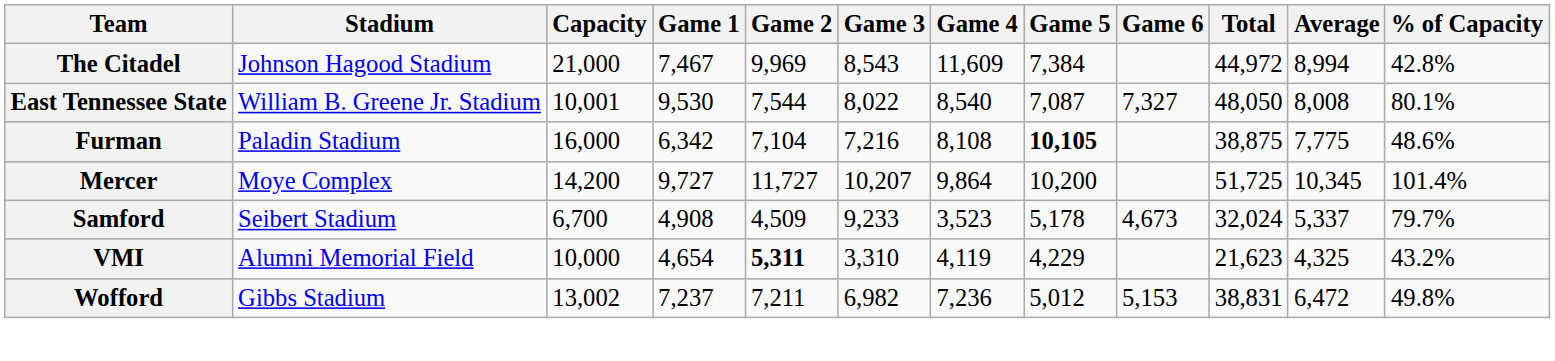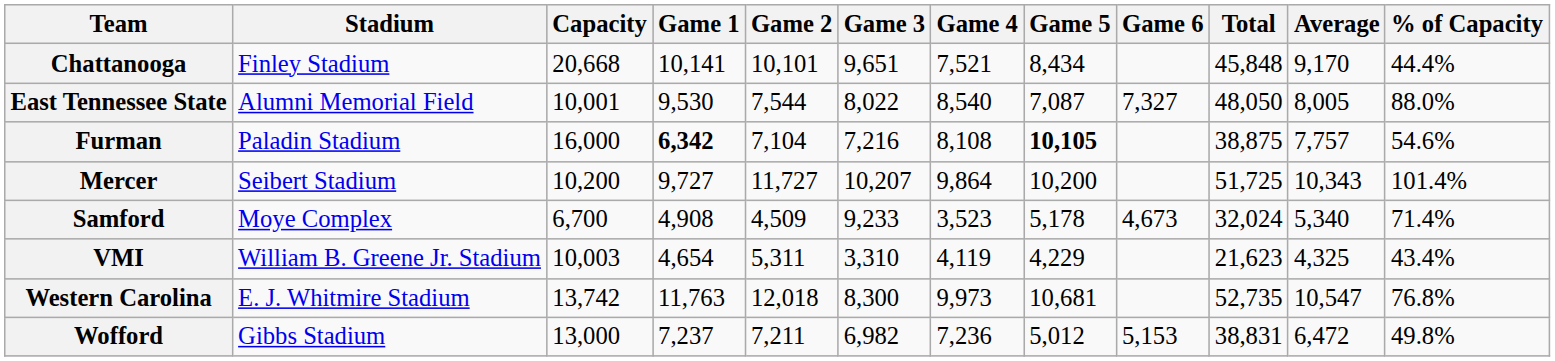 <table class="wikitable sortable">
 <tr>
 <th>Team</th>
 <th>Stadium</th>
 <th>Capacity</th>
 <th>Game 1</th>
 <th>Game 2</th>
 <th>Game 3</th>
 <th>Game 4</th>
 <th>Game 5</th>
 <th>Game 6</th>
 <th>Total</th>
 <th>Average</th>
 <th>% of Capacity</th>
 </tr>
 <tr>
-<th>The Citadel</th>
-<td><a href='#'>Johnson Hagood Stadium</a></td>
-<td>21,000</td>
-<td>7,467</td>
-<td>9,969</td>
-<td>8,543</td>
-<td>11,609</td>
-<td>7,384</td>
+<th>Chattanooga</th>
+<td><a href='#'>Finley Stadium</a></td>
+<td>20,668</td>
+<td>10,141</td>
+<td>10,101</td>
+<td>9,651</td>
+<td>7,521</td>
+<td>8,434</td>
 <td></td>
-<td>44,972</td>
-<td>8,994</td>
-<td>42.8%</td>
+<td>45,848</td>
+<td>9,170</td>
+<td>44.4%</td>
 </tr>
 <tr>
 <th>East Tennessee State</th>
-<td><a href='#'>William B. Greene Jr. Stadium</a></td>
+<td><a href='#'>Alumni Memorial Field</a></td>
 <td>10,001</td>
 <td>9,530</td>
 <td>7,544</td>
 <td>8,022</td>
 <td>8,540</td>
 <td>7,087</td>
 <td>7,327</td>
 <td>48,050</td>
-<td>8,008</td>
-<td>80.1%</td>
+<td>8,005</td>
+<td>88.0%</td>
 </tr>
 <tr>
 <th>Furman</th>
 <td><a href='#'>Paladin Stadium</a></td>
 <td>16,000</td>
-<td>6,342</td>
+<td><strong>6,342</strong></td>
 <td>7,104</td>
 <td>7,216</td>
 <td>8,108</td>
 <td><strong>10,105</strong></td>
 <td></td>
 <td>38,875</td>
-<td>7,775</td>
-<td>48.6%</td>
+<td>7,757</td>
+<td>54.6%</td>
 </tr>
 <tr>
 <th>Mercer</th>
-<td><a href='#'>Moye Complex</a></td>
-<td>14,200</td>
+<td><a href='#'>Seibert Stadium</a></td>
+<td>10,200</td>
 <td>9,727</td>
 <td>11,727</td>
 <td>10,207</td>
 <td>9,864</td>
 <td>10,200</td>
 <td></td>
 <td>51,725</td>
-<td>10,345</td>
+<td>10,343</td>
 <td>101.4%</td>
 </tr>
 <tr>
 <th>Samford</th>
-<td><a href='#'>Seibert Stadium</a></td>
+<td><a href='#'>Moye Complex</a></td>
 <td>6,700</td>
 <td>4,908</td>
 <td>4,509</td>
 <td>9,233</td>
 <td>3,523</td>
 <td>5,178</td>
 <td>4,673</td>
 <td>32,024</td>
-<td>5,337</td>
-<td>79.7%</td>
+<td>5,340</td>
+<td>71.4%</td>
 </tr>
 <tr>
 <th>VMI</th>
-<td><a href='#'>Alumni Memorial Field</a></td>
-<td>10,000</td>
+<td><a href='#'>William B. Greene Jr. Stadium</a></td>
+<td>10,003</td>
 <td>4,654</td>
-<td><strong>5,311</strong></td>
+<td>5,311</td>
 <td>3,310</td>
 <td>4,119</td>
 <td>4,229</td>
 <td></td>
 <td>21,623</td>
 <td>4,325</td>
-<td>43.2%</td>
+<td>43.4%</td>
+</tr>
+<tr>
+<th>Western Carolina</th>
+<td><a href='#'>E. J. Whitmire Stadium</a></td>
+<td>13,742</td>
+<td>11,763</td>
+<td>12,018</td>
+<td>8,300</td>
+<td>9,973</td>
+<td>10,681</td>
+<td></td>
+<td>52,735</td>
+<td>10,547</td>
+<td>76.8%</td>
 </tr>
 <tr>
 <th>Wofford</th>
 <td><a href='#'>Gibbs Stadium</a></td>
-<td>13,002</td>
+<td>13,000</td>
 <td>7,237</td>
 <td>7,211</td>
 <td>6,982</td>
 <td>7,236</td>
 <td>5,012</td>
 <td>5,153</td>
 <td>38,831</td>
 <td>6,472</td>
 <td>49.8%</td>
 </tr>
 </table>
